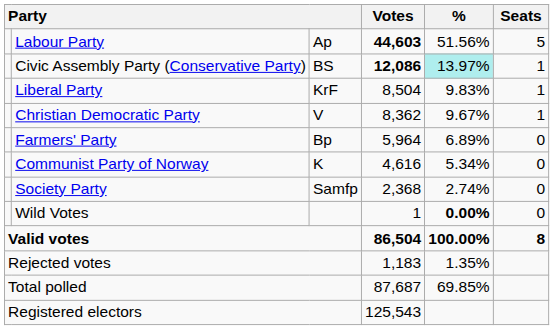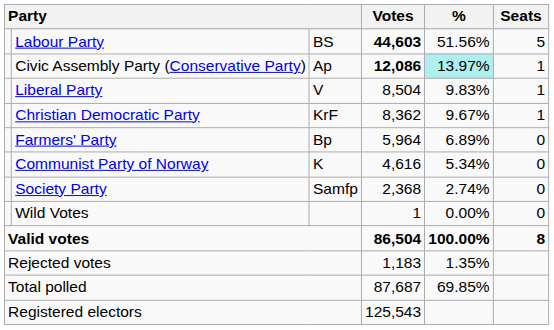 <table class="wikitable" border="1" style="text-align:right;">
 <tr>
 <th style="text-align:left;" colspan=3>Party</th>
 <th align=center width="50">Votes</th>
 <th align=center width="50">%</th>
 <th align=center width="50">Seats</th>
 </tr>
 <tr>
 <td style="color:inherit;background:"></td>
 <td align=left><a href='#'>Labour Party</a></td>
-<td align=left>Ap</td>
+<td align=left>BS</td>
 <td><strong>44,603</strong></td>
 <td>51.56%</td>
 <td>5</td>
 </tr>
 <tr>
 <td></td>
 <td align=left>Civic Assembly Party (<a href='#'>Conservative Party</a>)</td>
-<td align=left>BS</td>
+<td align=left>Ap</td>
 <td><strong>12,086</strong></td>
 <td style="background: paleturquoise;">13.97%</td>
 <td>1</td>
 </tr>
 <tr>
 <td style="color:inherit;background:"></td>
 <td align=left><a href='#'>Liberal Party</a></td>
-<td align=left>KrF</td>
+<td align=left>V</td>
 <td>8,504</td>
 <td>9.83%</td>
 <td>1</td>
 </tr>
 <tr>
 <td style="color:inherit;background:"></td>
 <td align=left><a href='#'>Christian Democratic Party</a></td>
-<td align=left>V</td>
+<td align=left>KrF</td>
 <td>8,362</td>
 <td>9.67%</td>
 <td>1</td>
 </tr>
 <tr>
 <td style="color:inherit;background:"></td>
 <td align=left><a href='#'>Farmers' Party</a></td>
 <td align=left>Bp</td>
 <td>5,964</td>
 <td>6.89%</td>
 <td>0</td>
 </tr>
 <tr>
 <td style="color:inherit;background:"></td>
 <td align=left><a href='#'>Communist Party of Norway</a></td>
 <td align=left>K</td>
 <td>4,616</td>
 <td>5.34%</td>
 <td>0</td>
 </tr>
 <tr>
 <td></td>
 <td align=left><a href='#'>Society Party</a></td>
 <td align=left>Samfp</td>
 <td>2,368</td>
 <td>2.74%</td>
 <td>0</td>
 </tr>
 <tr>
 <td></td>
 <td align=left>Wild Votes</td>
 <td align=left></td>
 <td>1</td>
-<td><strong>0.00%</strong></td>
+<td>0.00%</td>
 <td>0</td>
 </tr>
 <tr style="font-weight:bold">
 <td align=left colspan=3>Valid votes</td>
 <td>86,504</td>
 <td>100.00%</td>
 <td>8</td>
 </tr>
 <tr>
 <td align=left colspan=3>Rejected votes</td>
 <td>1,183</td>
 <td>1.35%</td>
 <td></td>
 </tr>
 <tr>
 <td align=left colspan=3>Total polled</td>
 <td>87,687</td>
 <td>69.85%</td>
 <td></td>
 </tr>
 <tr>
 <td align=left colspan=3>Registered electors</td>
 <td>125,543</td>
 <td></td>
 <td></td>
 </tr>
 </table>
